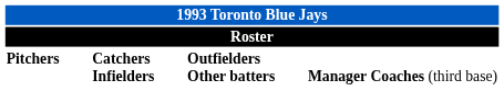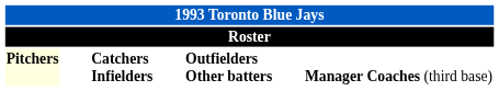 <table class="toccolours" style="font-size: 95%;">
 <tr>
 <th colspan="10" style="background-color: #005ac0; color: #FFFFFF; text-align: center;">1993 Toronto Blue Jays</th>
 </tr>
 <tr>
 <td colspan="10" style="background-color: black; color: white; text-align: center;"><strong>Roster</strong></td>
 </tr>
 <tr>
-<td valign="top"><strong>Pitchers</strong><br>               </td>
+<td valign="top" style="background: lightyellow;"><strong>Pitchers</strong><br>               </td>
 <td width="25px"></td>
 <td valign="top"><strong>Catchers</strong><br>   <strong>Infielders</strong>         </td>
 <td width="25px"></td>
 <td valign="top"><strong>Outfielders</strong><br>         <strong>Other batters</strong> </td>
 <td width="25px"></td>
 <td valign="top"><br><strong>Manager</strong>  <strong>Coaches</strong>    (third base)    </td>
 </tr>
 </table>
